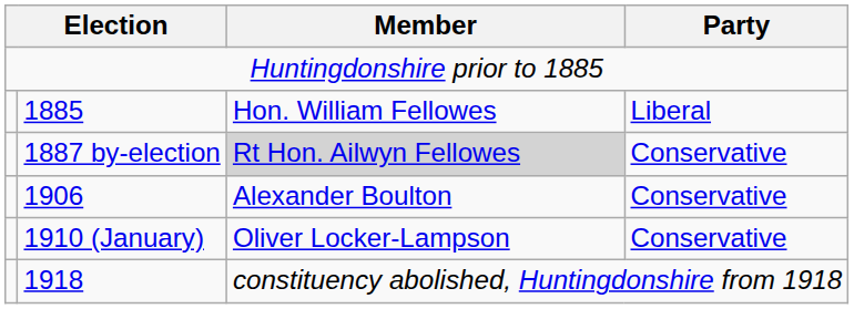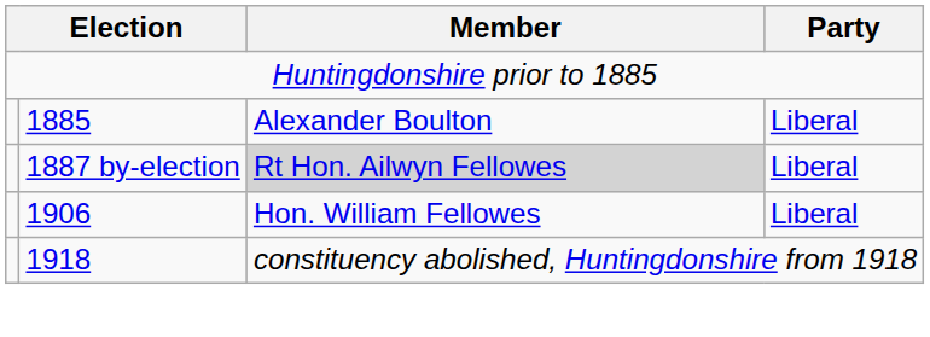 <table class="wikitable">
 <tr>
 <th colspan="2">Election</th>
 <th>Member </th>
 <th>Party</th>
 </tr>
 <tr>
 <td colspan="4" align="center"><em><a href='#'>Huntingdonshire</a> prior to 1885</em></td>
 </tr>
 <tr>
 <td style="color:inherit;background-color: "></td>
 <td><a href='#'>1885</a></td>
-<td><a href='#'>Hon. William Fellowes</a></td>
+<td><a href='#'>Alexander Boulton</a></td>
 <td><a href='#'>Liberal</a></td>
 </tr>
 <tr>
 <td style="color:inherit;background-color: "></td>
 <td><a href='#'>1887 by-election</a></td>
 <td style="background: lightgrey;"><a href='#'>Rt Hon. Ailwyn Fellowes</a></td>
-<td><a href='#'>Conservative</a></td>
+<td><a href='#'>Liberal</a></td>
 </tr>
 <tr>
 <td style="color:inherit;background-color: "></td>
 <td><a href='#'>1906</a></td>
-<td><a href='#'>Alexander Boulton</a></td>
-<td><a href='#'>Conservative</a></td>
-</tr>
-<tr>
-<td style="color:inherit;background-color: "></td>
-<td><a href='#'>1910 (January)</a></td>
-<td><a href='#'>Oliver Locker-Lampson</a></td>
-<td><a href='#'>Conservative</a></td>
+<td><a href='#'>Hon. William Fellowes</a></td>
+<td><a href='#'>Liberal</a></td>
 </tr>
 <tr>
 <td></td>
 <td><a href='#'>1918</a></td>
 <td colspan="2"><em>constituency abolished, <a href='#'>Huntingdonshire</a> from 1918</em></td>
 </tr>
 </table>
